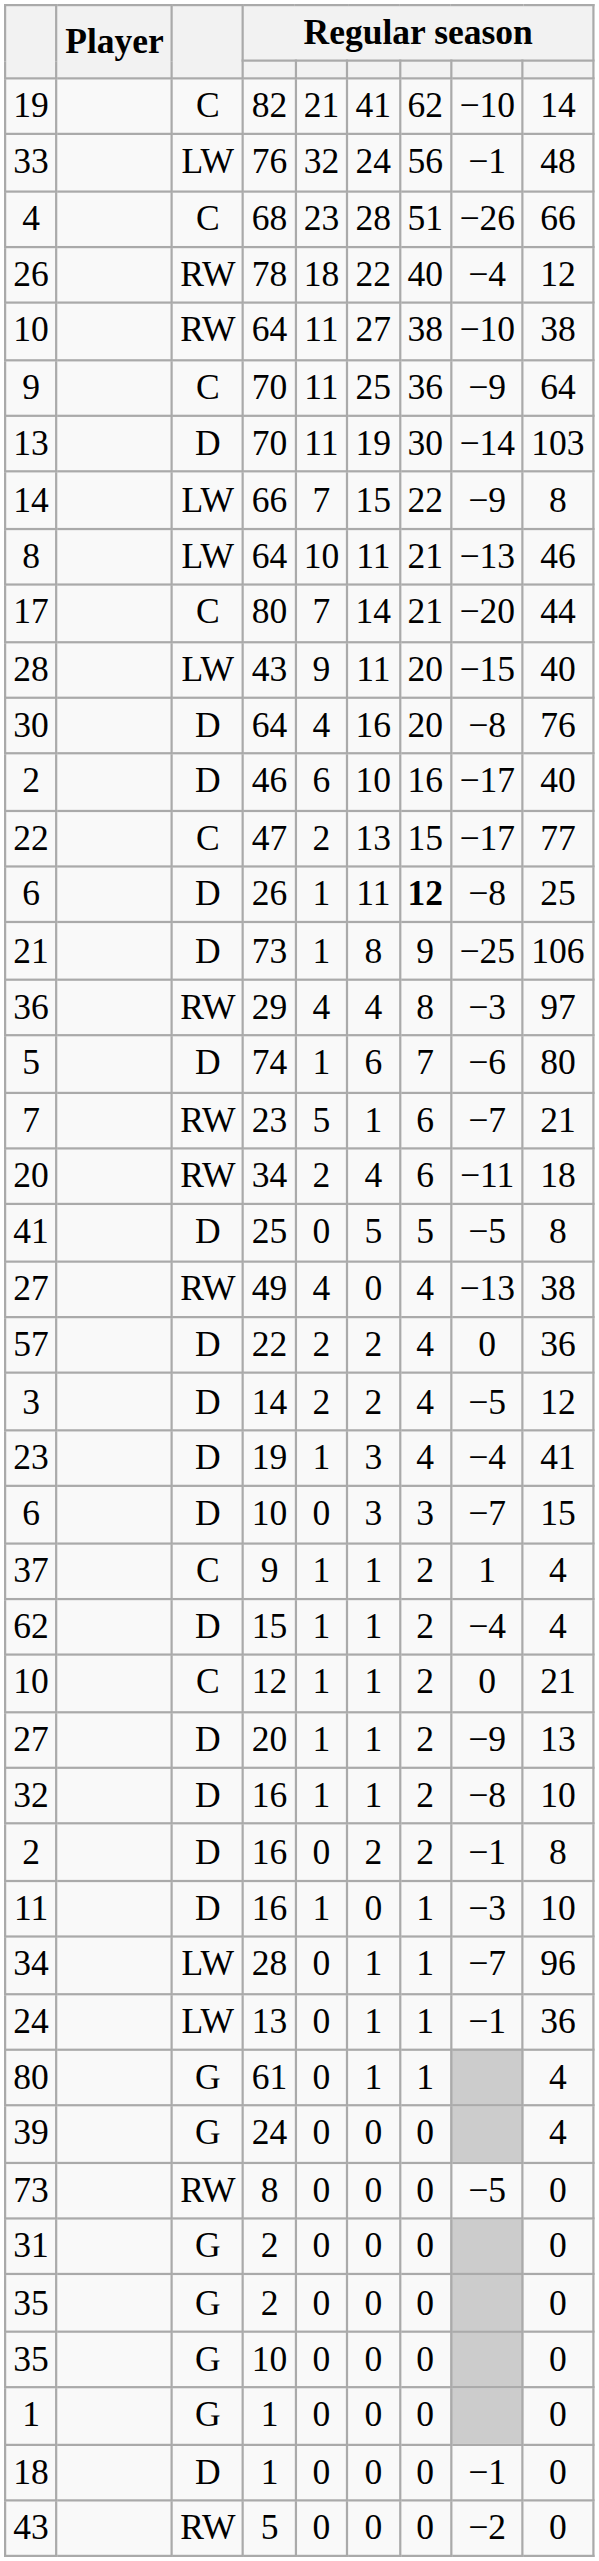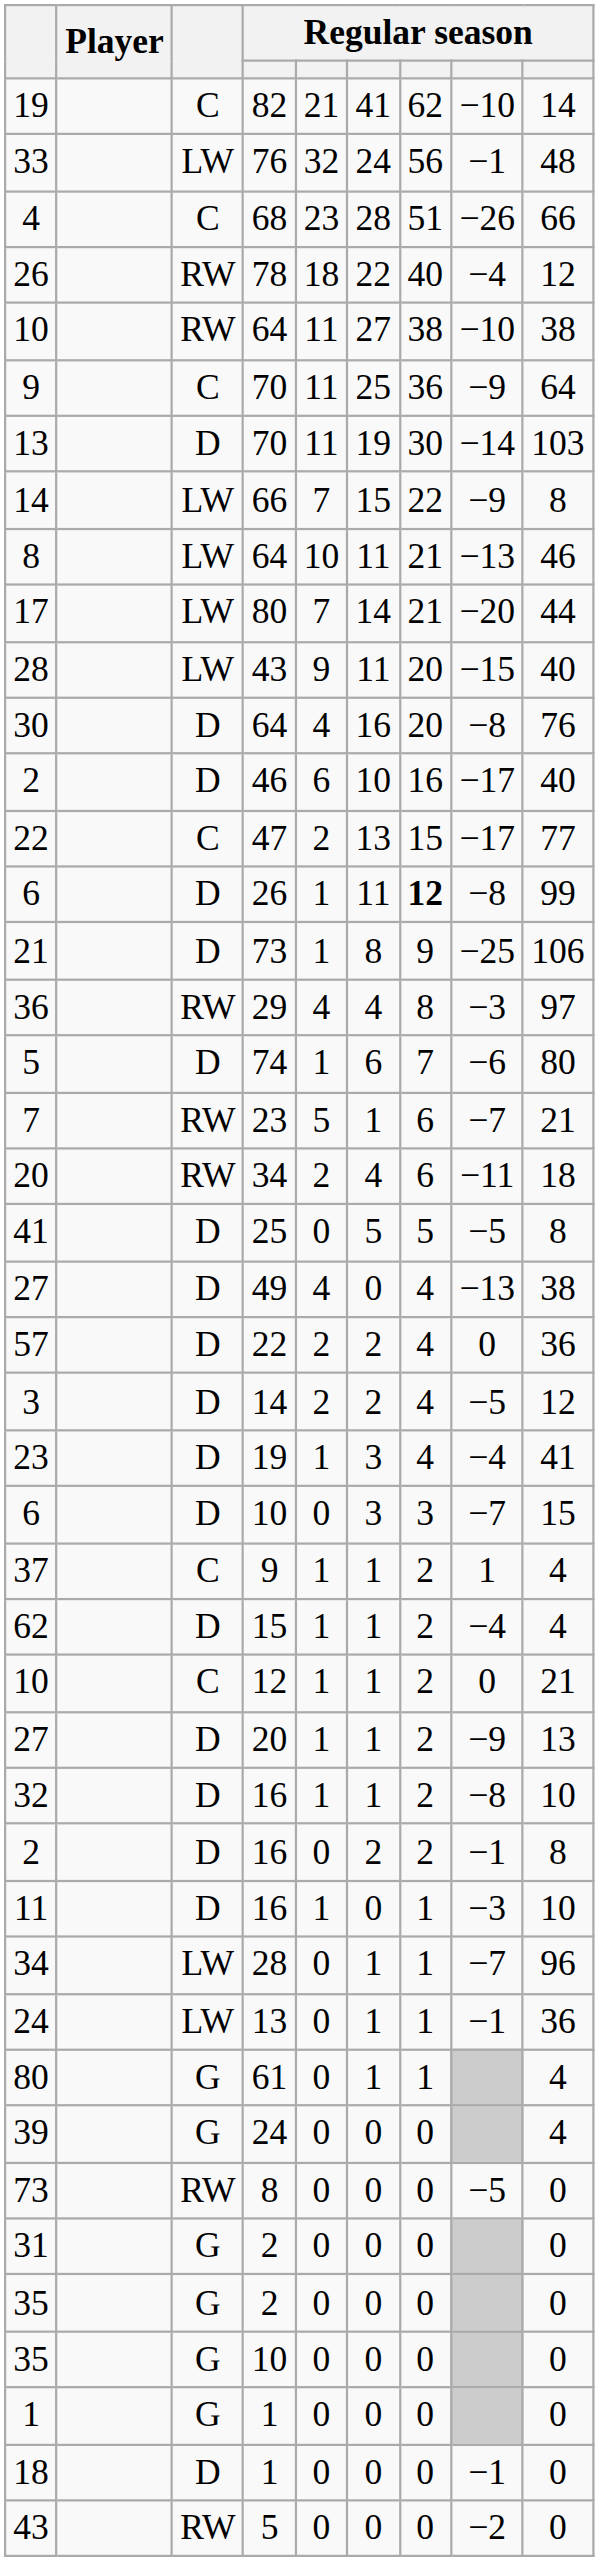 <table class="wikitable sortable plainrowheaders" style="text-align:center;">
 <tr>
 <th scope="col" data-sort-type="number" rowspan="2"></th>
 <th scope="col" rowspan="2">Player</th>
 <th scope="col" rowspan="2"></th>
 <th scope=colgroup colspan=6>Regular season</th>
 </tr>
 <tr>
 <th scope="col" data-sort-type="number"></th>
 <th scope="col" data-sort-type="number"></th>
 <th scope="col" data-sort-type="number"></th>
 <th scope="col" data-sort-type="number"></th>
 <th scope="col" data-sort-type="number"></th>
 <th scope="col" data-sort-type="number"></th>
 </tr>
 <tr>
 <td scope="row">19</td>
 <td align="left"></td>
 <td>C</td>
 <td>82</td>
 <td>21</td>
 <td>41</td>
 <td>62</td>
 <td>−10</td>
 <td>14</td>
 </tr>
 <tr>
 <td scope="row">33</td>
 <td align="left"></td>
 <td>LW</td>
 <td>76</td>
 <td>32</td>
 <td>24</td>
 <td>56</td>
 <td>−1</td>
 <td>48</td>
 </tr>
 <tr>
 <td scope="row">4</td>
 <td align="left"></td>
 <td>C</td>
 <td>68</td>
 <td>23</td>
 <td>28</td>
 <td>51</td>
 <td>−26</td>
 <td>66</td>
 </tr>
 <tr>
 <td scope="row">26</td>
 <td align="left"></td>
 <td>RW</td>
 <td>78</td>
 <td>18</td>
 <td>22</td>
 <td>40</td>
 <td>−4</td>
 <td>12</td>
 </tr>
 <tr>
 <td scope="row">10</td>
 <td align="left"></td>
 <td>RW</td>
 <td>64</td>
 <td>11</td>
 <td>27</td>
 <td>38</td>
 <td>−10</td>
 <td>38</td>
 </tr>
 <tr>
 <td scope="row">9</td>
 <td align="left"></td>
 <td>C</td>
 <td>70</td>
 <td>11</td>
 <td>25</td>
 <td>36</td>
 <td>−9</td>
 <td>64</td>
 </tr>
 <tr>
 <td scope="row">13</td>
 <td align="left"></td>
 <td>D</td>
 <td>70</td>
 <td>11</td>
 <td>19</td>
 <td>30</td>
 <td>−14</td>
 <td>103</td>
 </tr>
 <tr>
 <td scope="row">14</td>
 <td align="left"></td>
 <td>LW</td>
 <td>66</td>
 <td>7</td>
 <td>15</td>
 <td>22</td>
 <td>−9</td>
 <td>8</td>
 </tr>
 <tr>
 <td scope="row">8</td>
 <td align="left"></td>
 <td>LW</td>
 <td>64</td>
 <td>10</td>
 <td>11</td>
 <td>21</td>
 <td>−13</td>
 <td>46</td>
 </tr>
 <tr>
 <td scope="row">17</td>
 <td align="left"></td>
-<td>C</td>
+<td>LW</td>
 <td>80</td>
 <td>7</td>
 <td>14</td>
 <td>21</td>
 <td>−20</td>
 <td>44</td>
 </tr>
 <tr>
 <td scope="row">28</td>
 <td align="left"></td>
 <td>LW</td>
 <td>43</td>
 <td>9</td>
 <td>11</td>
 <td>20</td>
 <td>−15</td>
 <td>40</td>
 </tr>
 <tr>
 <td scope="row">30</td>
 <td align="left"></td>
 <td>D</td>
 <td>64</td>
 <td>4</td>
 <td>16</td>
 <td>20</td>
 <td>−8</td>
 <td>76</td>
 </tr>
 <tr>
 <td scope="row">2</td>
 <td align="left"></td>
 <td>D</td>
 <td>46</td>
 <td>6</td>
 <td>10</td>
 <td>16</td>
 <td>−17</td>
 <td>40</td>
 </tr>
 <tr>
 <td scope="row">22</td>
 <td align="left"></td>
 <td>C</td>
 <td>47</td>
 <td>2</td>
 <td>13</td>
 <td>15</td>
 <td>−17</td>
 <td>77</td>
 </tr>
 <tr>
 <td scope="row">6</td>
 <td align="left"></td>
 <td>D</td>
 <td>26</td>
 <td>1</td>
 <td>11</td>
 <td><strong>12</strong></td>
 <td>−8</td>
-<td>25</td>
+<td>99</td>
 </tr>
 <tr>
 <td scope="row">21</td>
 <td align="left"></td>
 <td>D</td>
 <td>73</td>
 <td>1</td>
 <td>8</td>
 <td>9</td>
 <td>−25</td>
 <td>106</td>
 </tr>
 <tr>
 <td scope="row">36</td>
 <td align="left"></td>
 <td>RW</td>
 <td>29</td>
 <td>4</td>
 <td>4</td>
 <td>8</td>
 <td>−3</td>
 <td>97</td>
 </tr>
 <tr>
 <td scope="row">5</td>
 <td align="left"></td>
 <td>D</td>
 <td>74</td>
 <td>1</td>
 <td>6</td>
 <td>7</td>
 <td>−6</td>
 <td>80</td>
 </tr>
 <tr>
 <td scope="row">7</td>
 <td align="left"></td>
 <td>RW</td>
 <td>23</td>
 <td>5</td>
 <td>1</td>
 <td>6</td>
 <td>−7</td>
 <td>21</td>
 </tr>
 <tr>
 <td scope="row">20</td>
 <td align="left"></td>
 <td>RW</td>
 <td>34</td>
 <td>2</td>
 <td>4</td>
 <td>6</td>
 <td>−11</td>
 <td>18</td>
 </tr>
 <tr>
 <td scope="row">41</td>
 <td align="left"></td>
 <td>D</td>
 <td>25</td>
 <td>0</td>
 <td>5</td>
 <td>5</td>
 <td>−5</td>
 <td>8</td>
 </tr>
 <tr>
 <td scope="row">27</td>
 <td align="left"></td>
-<td>RW</td>
+<td>D</td>
 <td>49</td>
 <td>4</td>
 <td>0</td>
 <td>4</td>
 <td>−13</td>
 <td>38</td>
 </tr>
 <tr>
 <td scope="row">57</td>
 <td align="left"></td>
 <td>D</td>
 <td>22</td>
 <td>2</td>
 <td>2</td>
 <td>4</td>
 <td>0</td>
 <td>36</td>
 </tr>
 <tr>
 <td scope="row">3</td>
 <td align="left"></td>
 <td>D</td>
 <td>14</td>
 <td>2</td>
 <td>2</td>
 <td>4</td>
 <td>−5</td>
 <td>12</td>
 </tr>
 <tr>
 <td scope="row">23</td>
 <td align="left"></td>
 <td>D</td>
 <td>19</td>
 <td>1</td>
 <td>3</td>
 <td>4</td>
 <td>−4</td>
 <td>41</td>
 </tr>
 <tr>
 <td scope="row">6</td>
 <td align="left"></td>
 <td>D</td>
 <td>10</td>
 <td>0</td>
 <td>3</td>
 <td>3</td>
 <td>−7</td>
 <td>15</td>
 </tr>
 <tr>
 <td scope="row">37</td>
 <td align="left"></td>
 <td>C</td>
 <td>9</td>
 <td>1</td>
 <td>1</td>
 <td>2</td>
 <td>1</td>
 <td>4</td>
 </tr>
 <tr>
 <td scope="row">62</td>
 <td align="left"></td>
 <td>D</td>
 <td>15</td>
 <td>1</td>
 <td>1</td>
 <td>2</td>
 <td>−4</td>
 <td>4</td>
 </tr>
 <tr>
 <td scope="row">10</td>
 <td align="left"></td>
 <td>C</td>
 <td>12</td>
 <td>1</td>
 <td>1</td>
 <td>2</td>
 <td>0</td>
 <td>21</td>
 </tr>
 <tr>
 <td scope="row">27</td>
 <td align="left"></td>
 <td>D</td>
 <td>20</td>
 <td>1</td>
 <td>1</td>
 <td>2</td>
 <td>−9</td>
 <td>13</td>
 </tr>
 <tr>
 <td scope="row">32</td>
 <td align="left"></td>
 <td>D</td>
 <td>16</td>
 <td>1</td>
 <td>1</td>
 <td>2</td>
 <td>−8</td>
 <td>10</td>
 </tr>
 <tr>
 <td scope="row">2</td>
 <td align="left"></td>
 <td>D</td>
 <td>16</td>
 <td>0</td>
 <td>2</td>
 <td>2</td>
 <td>−1</td>
 <td>8</td>
 </tr>
 <tr>
 <td scope="row">11</td>
 <td align="left"></td>
 <td>D</td>
 <td>16</td>
 <td>1</td>
 <td>0</td>
 <td>1</td>
 <td>−3</td>
 <td>10</td>
 </tr>
 <tr>
 <td scope="row">34</td>
 <td align="left"></td>
 <td>LW</td>
 <td>28</td>
 <td>0</td>
 <td>1</td>
 <td>1</td>
 <td>−7</td>
 <td>96</td>
 </tr>
 <tr>
 <td scope="row">24</td>
 <td align="left"></td>
 <td>LW</td>
 <td>13</td>
 <td>0</td>
 <td>1</td>
 <td>1</td>
 <td>−1</td>
 <td>36</td>
 </tr>
 <tr>
 <td scope="row">80</td>
 <td align="left"></td>
 <td>G</td>
 <td>61</td>
 <td>0</td>
 <td>1</td>
 <td>1</td>
 <td style="background:#ccc"></td>
 <td>4</td>
 </tr>
 <tr>
 <td scope="row">39</td>
 <td align="left"></td>
 <td>G</td>
 <td>24</td>
 <td>0</td>
 <td>0</td>
 <td>0</td>
 <td style="background:#ccc"></td>
 <td>4</td>
 </tr>
 <tr>
 <td scope="row">73</td>
 <td align="left"></td>
 <td>RW</td>
 <td>8</td>
 <td>0</td>
 <td>0</td>
 <td>0</td>
 <td>−5</td>
 <td>0</td>
 </tr>
 <tr>
 <td scope="row">31</td>
 <td align="left"></td>
 <td>G</td>
 <td>2</td>
 <td>0</td>
 <td>0</td>
 <td>0</td>
 <td style="background:#ccc"></td>
 <td>0</td>
 </tr>
 <tr>
 <td scope="row">35</td>
 <td align="left"></td>
 <td>G</td>
 <td>2</td>
 <td>0</td>
 <td>0</td>
 <td>0</td>
 <td style="background:#ccc"></td>
 <td>0</td>
 </tr>
 <tr>
 <td scope="row">35</td>
 <td align="left"></td>
 <td>G</td>
 <td>10</td>
 <td>0</td>
 <td>0</td>
 <td>0</td>
 <td style="background:#ccc"></td>
 <td>0</td>
 </tr>
 <tr>
 <td scope="row">1</td>
 <td align="left"></td>
 <td>G</td>
 <td>1</td>
 <td>0</td>
 <td>0</td>
 <td>0</td>
 <td style="background:#ccc"></td>
 <td>0</td>
 </tr>
 <tr>
 <td scope="row">18</td>
 <td align="left"></td>
 <td>D</td>
 <td>1</td>
 <td>0</td>
 <td>0</td>
 <td>0</td>
 <td>−1</td>
 <td>0</td>
 </tr>
 <tr>
 <td scope="row">43</td>
 <td align="left"></td>
 <td>RW</td>
 <td>5</td>
 <td>0</td>
 <td>0</td>
 <td>0</td>
 <td>−2</td>
 <td>0</td>
 </tr>
 </table>
